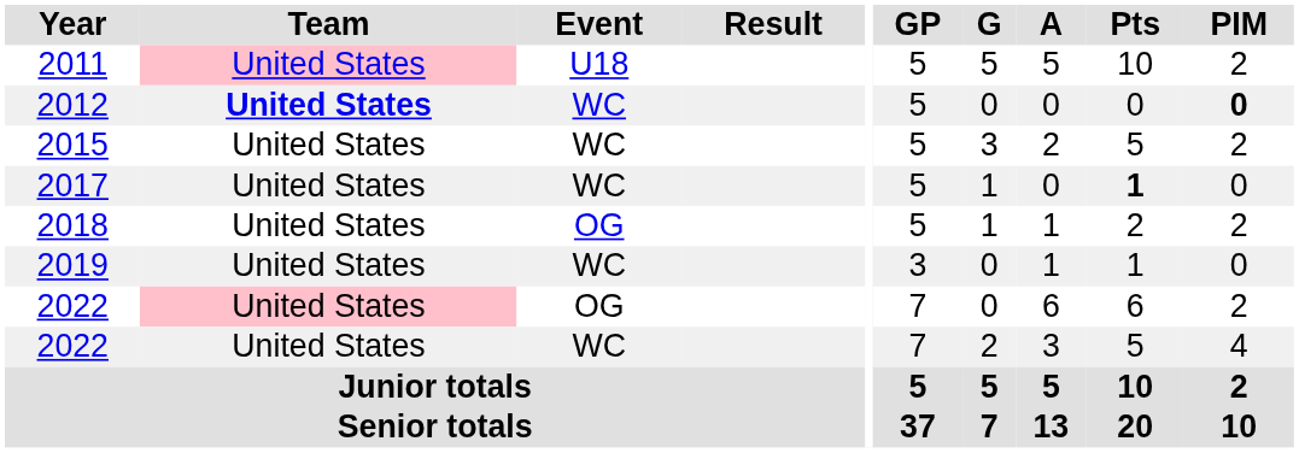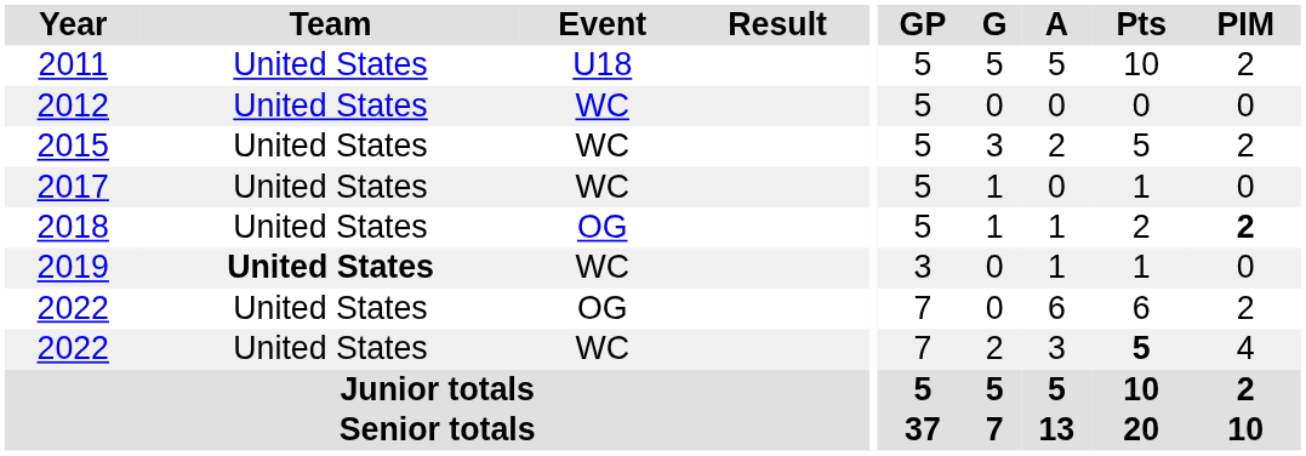 <table border="0" cellpadding="1" cellspacing="0" ID="Table3" style="text-align:center; width:40em">
 <tr bgcolor="#e0e0e0">
 <th>Year</th>
 <th>Team</th>
 <th>Event</th>
 <th>Result</th>
 <th rowspan="99" bgcolor="#ffffff"></th>
 <th>GP</th>
 <th>G</th>
 <th>A</th>
 <th>Pts</th>
 <th>PIM</th>
 </tr>
 <tr>
 <td><a href='#'>2011</a></td>
-<td style="background: pink;"><a href='#'>United States</a></td>
+<td><a href='#'>United States</a></td>
 <td><a href='#'>U18</a></td>
 <td></td>
 <td>5</td>
 <td>5</td>
 <td>5</td>
 <td>10</td>
 <td>2</td>
 </tr>
 <tr bgcolor="f0f0f0">
 <td><a href='#'>2012</a></td>
-<td><strong><a href='#'>United States</a></strong></td>
+<td><a href='#'>United States</a></td>
 <td><a href='#'>WC</a></td>
 <td></td>
 <td>5</td>
 <td>0</td>
 <td>0</td>
 <td>0</td>
-<td><strong>0</strong></td>
+<td>0</td>
 </tr>
 <tr>
 <td><a href='#'>2015</a></td>
 <td>United States</td>
 <td>WC</td>
 <td></td>
 <td>5</td>
 <td>3</td>
 <td>2</td>
 <td>5</td>
 <td>2</td>
 </tr>
 <tr bgcolor="f0f0f0">
 <td><a href='#'>2017</a></td>
 <td>United States</td>
 <td>WC</td>
 <td></td>
 <td>5</td>
 <td>1</td>
 <td>0</td>
-<td><strong>1</strong></td>
+<td>1</td>
 <td>0</td>
 </tr>
 <tr>
 <td><a href='#'>2018</a></td>
 <td>United States</td>
 <td><a href='#'>OG</a></td>
 <td></td>
 <td>5</td>
 <td>1</td>
 <td>1</td>
 <td>2</td>
-<td>2</td>
+<td><strong>2</strong></td>
 </tr>
 <tr bgcolor="f0f0f0">
 <td><a href='#'>2019</a></td>
-<td>United States</td>
+<td><strong>United States</strong></td>
 <td>WC</td>
 <td></td>
 <td>3</td>
 <td>0</td>
 <td>1</td>
 <td>1</td>
 <td>0</td>
 </tr>
 <tr>
 <td><a href='#'>2022</a></td>
-<td style="background: pink;">United States</td>
+<td>United States</td>
 <td>OG</td>
 <td></td>
 <td>7</td>
 <td>0</td>
 <td>6</td>
 <td>6</td>
 <td>2</td>
 </tr>
 <tr bgcolor="f0f0f0">
 <td><a href='#'>2022</a></td>
 <td>United States</td>
 <td>WC</td>
 <td></td>
 <td>7</td>
 <td>2</td>
 <td>3</td>
-<td>5</td>
+<td><strong>5</strong></td>
 <td>4</td>
 </tr>
 <tr bgcolor="#e0e0e0">
 <th colspan="4">Junior totals</th>
 <th>5</th>
 <th>5</th>
 <th>5</th>
 <th>10</th>
 <th>2</th>
 </tr>
 <tr bgcolor="#e0e0e0">
 <th colspan="4">Senior totals</th>
 <th>37</th>
 <th>7</th>
 <th>13</th>
 <th>20</th>
 <th>10</th>
 </tr>
 </table>
